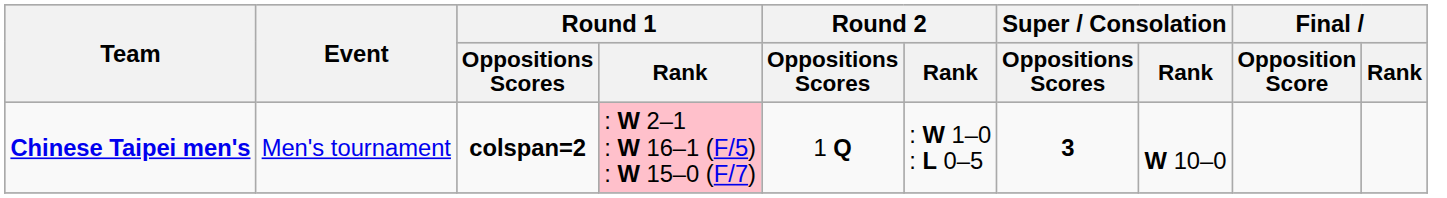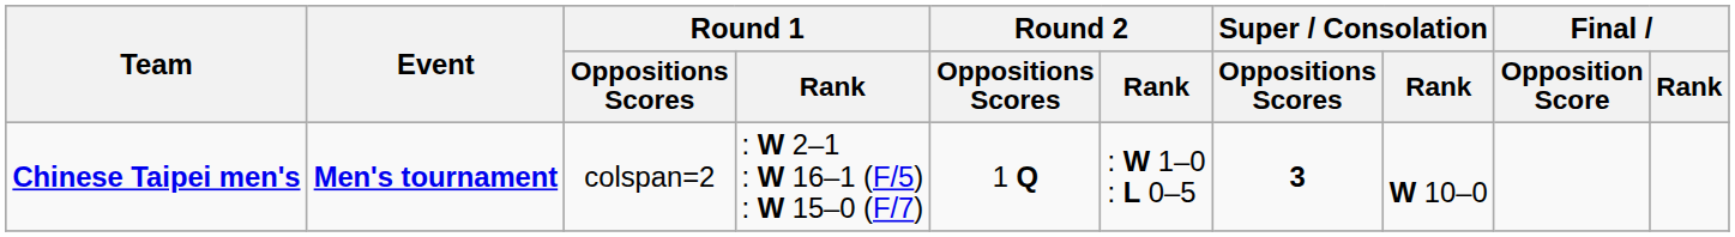 <table class=wikitable style="font-size:90%; text-align:center;">
 <tr>
 <th rowspan=2>Team</th>
 <th rowspan=2>Event</th>
 <th colspan=2>Round 1</th>
 <th colspan=2>Round 2</th>
 <th colspan=2>Super / Consolation</th>
 <th colspan=2>Final / </th>
 </tr>
 <tr style=font-size:95%>
 <th>Oppositions<br>Scores</th>
 <th>Rank</th>
 <th>Oppositions<br>Scores</th>
 <th>Rank</th>
 <th>Oppositions<br>Scores</th>
 <th>Rank</th>
 <th>Opposition<br>Score</th>
 <th>Rank</th>
 </tr>
 <tr>
 <td align=left><strong><a href='#'>Chinese Taipei men's</a></strong></td>
-<td align=left><a href='#'>Men's tournament</a></td>
-<td><strong>colspan=2 </strong></td>
-<td align=left style="background: pink;">: <strong>W</strong> 2–1<br>: <strong>W</strong> 16–1 (<a href='#'>F/5</a>) <br>: <strong>W</strong> 15–0 (<a href='#'>F/7</a>)</td>
+<td align=left><strong><a href='#'>Men's tournament</a></strong></td>
+<td>colspan=2 </td>
+<td align=left>: <strong>W</strong> 2–1<br>: <strong>W</strong> 16–1 (<a href='#'>F/5</a>) <br>: <strong>W</strong> 15–0 (<a href='#'>F/7</a>)</td>
 <td>1 <strong>Q</strong></td>
 <td align=left>: <strong>W</strong> 1–0<br>: <strong>L</strong> 0–5</td>
 <td><strong>3</strong></td>
 <td><br><strong>W</strong> 10–0</td>
 <td></td>
 </tr>
 </table>
